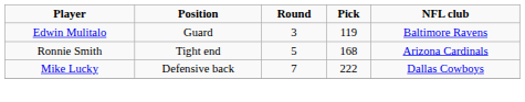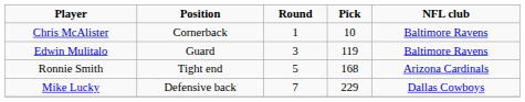 <table class="wikitable" width="80%">
 <tr align="center">
 <td><strong>Player</strong></td>
 <td><strong>Position</strong></td>
 <td><strong>Round</strong></td>
 <td><strong>Pick</strong></td>
 <td><strong>NFL club</strong></td>
+</tr>
+<tr align="center" bgcolor="">
+<td><a href='#'>Chris McAlister</a></td>
+<td>Cornerback</td>
+<td>1</td>
+<td>10</td>
+<td><a href='#'>Baltimore Ravens</a></td>
 </tr>
 <tr align="center" bgcolor="">
 <td><a href='#'>Edwin Mulitalo</a></td>
 <td>Guard</td>
 <td>3</td>
 <td>119</td>
 <td><a href='#'>Baltimore Ravens</a></td>
 </tr>
 <tr align="center" bgcolor="">
 <td>Ronnie Smith</td>
 <td>Tight end</td>
 <td>5</td>
 <td>168</td>
 <td><a href='#'>Arizona Cardinals</a></td>
 </tr>
 <tr align="center" bgcolor="">
 <td><a href='#'>Mike Lucky</a></td>
 <td>Defensive back</td>
 <td>7</td>
-<td>222</td>
+<td>229</td>
 <td><a href='#'>Dallas Cowboys</a></td>
 </tr>
 <tr align="center" bgcolor="">
 </tr>
 </table>
